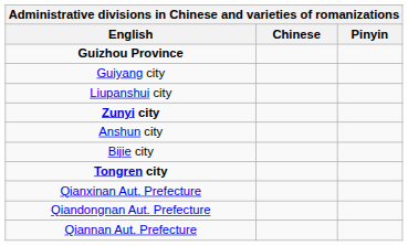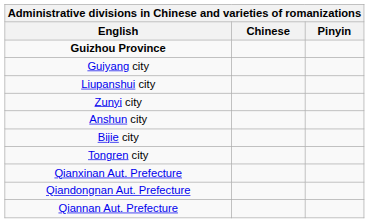 <table class="wikitable sortable collapsible collapsed" style="text-font:90%; width:auto; text-align:center; margin-left: auto; margin-right: auto;">
 <tr>
 <th colspan="5">Administrative divisions in Chinese and varieties of romanizations</th>
 </tr>
 <tr>
 <th>English</th>
 <th>Chinese</th>
 <th>Pinyin</th>
 </tr>
 <tr>
 <td><strong>Guizhou Province</strong></td>
 <td></td>
 <td></td>
 </tr>
 <tr>
 <td><a href='#'>Guiyang</a> city</td>
 <td></td>
 <td></td>
 </tr>
 <tr>
 <td><a href='#'>Liupanshui</a> city</td>
 <td></td>
 <td></td>
 </tr>
 <tr>
-<td><strong><a href='#'>Zunyi</a> city</strong></td>
+<td><a href='#'>Zunyi</a> city</td>
 <td></td>
 <td></td>
 </tr>
 <tr>
 <td><a href='#'>Anshun</a> city</td>
 <td></td>
 <td></td>
 </tr>
 <tr>
 <td><a href='#'>Bijie</a> city</td>
 <td></td>
 <td></td>
 </tr>
 <tr>
-<td><strong><a href='#'>Tongren</a> city</strong></td>
+<td><a href='#'>Tongren</a> city</td>
 <td></td>
 <td></td>
 </tr>
 <tr>
 <td><a href='#'>Qianxinan Aut. Prefecture</a></td>
 <td></td>
 <td></td>
 </tr>
 <tr>
 <td><a href='#'>Qiandongnan Aut. Prefecture</a></td>
 <td></td>
 <td></td>
 </tr>
 <tr>
 <td><a href='#'>Qiannan Aut. Prefecture</a></td>
 <td></td>
 <td></td>
 </tr>
 </table>
